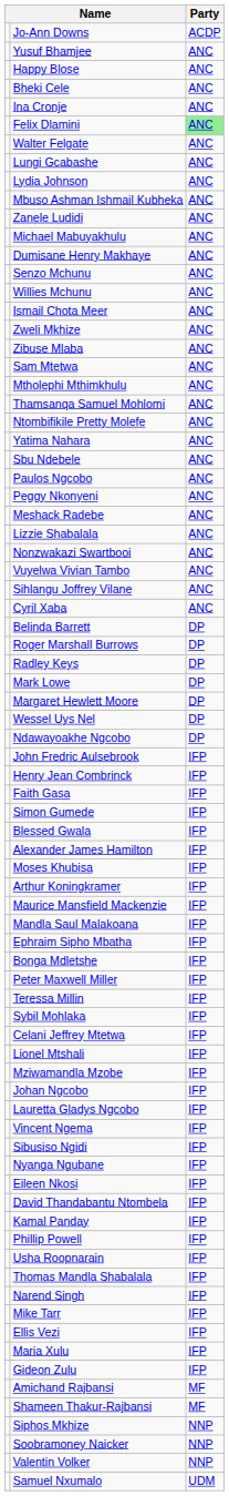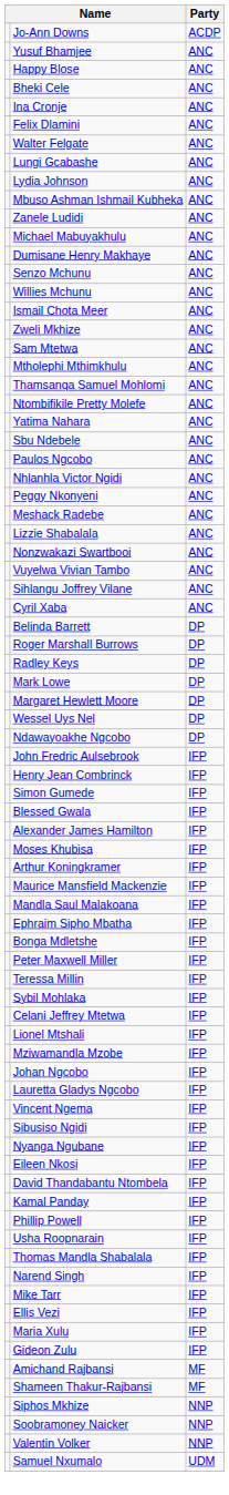 <table class="wikitable sortable plainrowheaders">
 <tr>
 <th colspan="2" scope="col">Name</th>
 <th scope="col">Party</th>
 </tr>
 <tr>
 <td style="background-color: "></td>
 <td><a href='#'>Jo-Ann Downs</a></td>
 <td><a href='#'>ACDP</a></td>
 </tr>
 <tr>
 <td style="background-color: "></td>
 <td><a href='#'>Yusuf Bhamjee</a></td>
 <td><a href='#'>ANC</a></td>
 </tr>
 <tr>
 <td style="background-color: "></td>
 <td><a href='#'>Happy Blose</a></td>
 <td><a href='#'>ANC</a></td>
 </tr>
 <tr>
 <td style="background-color: "></td>
 <td><a href='#'>Bheki Cele</a></td>
 <td><a href='#'>ANC</a></td>
 </tr>
 <tr>
 <td style="background-color: "></td>
 <td><a href='#'>Ina Cronje</a></td>
 <td><a href='#'>ANC</a></td>
 </tr>
 <tr>
 <td style="background-color: "></td>
 <td><a href='#'>Felix Dlamini</a></td>
-<td style="background: lightgreen;"><a href='#'>ANC</a></td>
+<td><a href='#'>ANC</a></td>
 </tr>
 <tr>
 <td style="background-color: "></td>
 <td><a href='#'>Walter Felgate</a></td>
 <td><a href='#'>ANC</a></td>
 </tr>
 <tr>
 <td style="background-color: "></td>
 <td><a href='#'>Lungi Gcabashe</a></td>
 <td><a href='#'>ANC</a></td>
 </tr>
 <tr>
 <td style="background-color: "></td>
 <td><a href='#'>Lydia Johnson</a></td>
 <td><a href='#'>ANC</a></td>
 </tr>
 <tr>
 <td style="background-color: "></td>
 <td><a href='#'>Mbuso Ashman Ishmail Kubheka</a></td>
 <td><a href='#'>ANC</a></td>
 </tr>
 <tr>
 <td style="background-color: "></td>
 <td><a href='#'>Zanele Ludidi</a></td>
 <td><a href='#'>ANC</a></td>
 </tr>
 <tr>
 <td style="background-color: "></td>
 <td><a href='#'>Michael Mabuyakhulu</a></td>
 <td><a href='#'>ANC</a></td>
 </tr>
 <tr>
 <td style="background-color: "></td>
 <td><a href='#'>Dumisane Henry Makhaye</a></td>
 <td><a href='#'>ANC</a></td>
 </tr>
 <tr>
 <td style="background-color: "></td>
 <td><a href='#'>Senzo Mchunu</a></td>
 <td><a href='#'>ANC</a></td>
 </tr>
 <tr>
 <td style="background-color: "></td>
 <td><a href='#'>Willies Mchunu</a></td>
 <td><a href='#'>ANC</a></td>
 </tr>
 <tr>
 <td style="background-color: "></td>
 <td><a href='#'>Ismail Chota Meer</a></td>
 <td><a href='#'>ANC</a></td>
 </tr>
 <tr>
 <td style="background-color: "></td>
 <td><a href='#'>Zweli Mkhize</a></td>
 <td><a href='#'>ANC</a></td>
 </tr>
 <tr>
 <td style="background-color: "></td>
-<td><a href='#'>Zibuse Mlaba</a></td>
-<td><a href='#'>ANC</a></td>
-</tr>
-<tr>
-<td style="background-color: "></td>
 <td><a href='#'>Sam Mtetwa</a></td>
 <td><a href='#'>ANC</a></td>
 </tr>
 <tr>
 <td style="background-color: "></td>
 <td><a href='#'>Mtholephi Mthimkhulu</a></td>
 <td><a href='#'>ANC</a></td>
 </tr>
 <tr>
 <td style="background-color: "></td>
 <td><a href='#'>Thamsanqa Samuel Mohlomi</a></td>
 <td><a href='#'>ANC</a></td>
 </tr>
 <tr>
 <td style="background-color: "></td>
 <td><a href='#'>Ntombifikile Pretty Molefe</a></td>
 <td><a href='#'>ANC</a></td>
 </tr>
 <tr>
 <td style="background-color: "></td>
 <td><a href='#'>Yatima Nahara</a></td>
 <td><a href='#'>ANC</a></td>
 </tr>
 <tr>
 <td style="background-color: "></td>
 <td><a href='#'>Sbu Ndebele</a></td>
 <td><a href='#'>ANC</a></td>
 </tr>
 <tr>
 <td style="background-color: "></td>
 <td><a href='#'>Paulos Ngcobo</a></td>
+<td><a href='#'>ANC</a></td>
+</tr>
+<tr>
+<td style="background-color: "></td>
+<td><a href='#'>Nhlanhla Victor Ngidi</a></td>
 <td><a href='#'>ANC</a></td>
 </tr>
 <tr>
 <td style="background-color: "></td>
 <td><a href='#'>Peggy Nkonyeni</a></td>
 <td><a href='#'>ANC</a></td>
 </tr>
 <tr>
 <td style="background-color: "></td>
 <td><a href='#'>Meshack Radebe</a></td>
 <td><a href='#'>ANC</a></td>
 </tr>
 <tr>
 <td style="background-color: "></td>
 <td><a href='#'>Lizzie Shabalala</a></td>
 <td><a href='#'>ANC</a></td>
 </tr>
 <tr>
 <td style="background-color: "></td>
 <td><a href='#'>Nonzwakazi Swartbooi</a></td>
 <td><a href='#'>ANC</a></td>
 </tr>
 <tr>
 <td style="background-color: "></td>
 <td><a href='#'>Vuyelwa Vivian Tambo</a></td>
 <td><a href='#'>ANC</a></td>
 </tr>
 <tr>
 <td style="background-color: "></td>
 <td><a href='#'>Sihlangu Joffrey Vilane</a></td>
 <td><a href='#'>ANC</a></td>
 </tr>
 <tr>
 <td style="background-color: "></td>
 <td><a href='#'>Cyril Xaba</a></td>
 <td><a href='#'>ANC</a></td>
 </tr>
 <tr>
 <td></td>
 <td><a href='#'>Belinda Barrett</a></td>
 <td><a href='#'>DP</a></td>
 </tr>
 <tr>
 <td></td>
 <td><a href='#'>Roger Marshall Burrows</a></td>
 <td><a href='#'>DP</a></td>
 </tr>
 <tr>
 <td></td>
 <td><a href='#'>Radley Keys</a></td>
 <td><a href='#'>DP</a></td>
 </tr>
 <tr>
 <td></td>
 <td><a href='#'>Mark Lowe</a></td>
 <td><a href='#'>DP</a></td>
 </tr>
 <tr>
 <td></td>
 <td><a href='#'>Margaret Hewlett Moore</a></td>
 <td><a href='#'>DP</a></td>
 </tr>
 <tr>
 <td></td>
 <td><a href='#'>Wessel Uys Nel</a></td>
 <td><a href='#'>DP</a></td>
 </tr>
 <tr>
 <td></td>
 <td><a href='#'>Ndawayoakhe Ngcobo</a></td>
 <td><a href='#'>DP</a></td>
 </tr>
 <tr>
 <td style="background-color: "></td>
 <td><a href='#'>John Fredric Aulsebrook</a></td>
 <td><a href='#'>IFP</a></td>
 </tr>
 <tr>
 <td style="background-color: "></td>
 <td><a href='#'>Henry Jean Combrinck</a></td>
-<td><a href='#'>IFP</a></td>
-</tr>
-<tr>
-<td style="background-color: "></td>
-<td><a href='#'>Faith Gasa</a></td>
 <td><a href='#'>IFP</a></td>
 </tr>
 <tr>
 <td style="background-color: "></td>
 <td><a href='#'>Simon Gumede</a></td>
 <td><a href='#'>IFP</a></td>
 </tr>
 <tr>
 <td style="background-color: "></td>
 <td><a href='#'>Blessed Gwala</a></td>
 <td><a href='#'>IFP</a></td>
 </tr>
 <tr>
 <td style="background-color: "></td>
 <td><a href='#'>Alexander James Hamilton</a></td>
 <td><a href='#'>IFP</a></td>
 </tr>
 <tr>
 <td style="background-color: "></td>
 <td><a href='#'>Moses Khubisa</a></td>
 <td><a href='#'>IFP</a></td>
 </tr>
 <tr>
 <td style="background-color: "></td>
 <td><a href='#'>Arthur Koningkramer</a></td>
 <td><a href='#'>IFP</a></td>
 </tr>
 <tr>
 <td style="background-color: "></td>
 <td><a href='#'>Maurice Mansfield Mackenzie</a></td>
 <td><a href='#'>IFP</a></td>
 </tr>
 <tr>
 <td style="background-color: "></td>
 <td><a href='#'>Mandla Saul Malakoana</a></td>
 <td><a href='#'>IFP</a></td>
 </tr>
 <tr>
 <td style="background-color: "></td>
 <td><a href='#'>Ephraim Sipho Mbatha</a></td>
 <td><a href='#'>IFP</a></td>
 </tr>
 <tr>
 <td style="background-color: "></td>
 <td><a href='#'>Bonga Mdletshe</a></td>
 <td><a href='#'>IFP</a></td>
 </tr>
 <tr>
 <td style="background-color: "></td>
 <td><a href='#'>Peter Maxwell Miller</a></td>
 <td><a href='#'>IFP</a></td>
 </tr>
 <tr>
 <td style="background-color: "></td>
 <td><a href='#'>Teressa Millin</a></td>
 <td><a href='#'>IFP</a></td>
 </tr>
 <tr>
 <td style="background-color: "></td>
 <td><a href='#'>Sybil Mohlaka</a></td>
 <td><a href='#'>IFP</a></td>
 </tr>
 <tr>
 <td style="background-color: "></td>
 <td><a href='#'>Celani Jeffrey Mtetwa</a></td>
 <td><a href='#'>IFP</a></td>
 </tr>
 <tr>
 <td style="background-color: "></td>
 <td><a href='#'>Lionel Mtshali</a></td>
 <td><a href='#'>IFP</a></td>
 </tr>
 <tr>
 <td style="background-color: "></td>
 <td><a href='#'>Mziwamandla Mzobe</a></td>
 <td><a href='#'>IFP</a></td>
 </tr>
 <tr>
 <td style="background-color: "></td>
 <td><a href='#'>Johan Ngcobo</a></td>
 <td><a href='#'>IFP</a></td>
 </tr>
 <tr>
 <td style="background-color: "></td>
 <td><a href='#'>Lauretta Gladys Ngcobo</a></td>
 <td><a href='#'>IFP</a></td>
 </tr>
 <tr>
 <td style="background-color: "></td>
 <td><a href='#'>Vincent Ngema</a></td>
 <td><a href='#'>IFP</a></td>
 </tr>
 <tr>
 <td style="background-color: "></td>
 <td><a href='#'>Sibusiso Ngidi</a></td>
 <td><a href='#'>IFP</a></td>
 </tr>
 <tr>
 <td style="background-color: "></td>
 <td><a href='#'>Nyanga Ngubane</a></td>
 <td><a href='#'>IFP</a></td>
 </tr>
 <tr>
 <td style="background-color: "></td>
 <td><a href='#'>Eileen Nkosi</a></td>
 <td><a href='#'>IFP</a></td>
 </tr>
 <tr>
 <td style="background-color: "></td>
 <td><a href='#'>David Thandabantu Ntombela</a></td>
 <td><a href='#'>IFP</a></td>
 </tr>
 <tr>
 <td style="background-color: "></td>
 <td><a href='#'>Kamal Panday</a></td>
 <td><a href='#'>IFP</a></td>
 </tr>
 <tr>
 <td style="background-color: "></td>
 <td><a href='#'>Phillip Powell</a></td>
 <td><a href='#'>IFP</a></td>
 </tr>
 <tr>
 <td style="background-color: "></td>
 <td><a href='#'>Usha Roopnarain</a></td>
 <td><a href='#'>IFP</a></td>
 </tr>
 <tr>
 <td style="background-color: "></td>
 <td><a href='#'>Thomas Mandla Shabalala</a></td>
 <td><a href='#'>IFP</a></td>
 </tr>
 <tr>
 <td style="background-color: "></td>
 <td><a href='#'>Narend Singh</a></td>
 <td><a href='#'>IFP</a></td>
 </tr>
 <tr>
 <td style="background-color: "></td>
 <td><a href='#'>Mike Tarr</a></td>
 <td><a href='#'>IFP</a></td>
 </tr>
 <tr>
 <td style="background-color: "></td>
 <td><a href='#'>Ellis Vezi</a></td>
 <td><a href='#'>IFP</a></td>
 </tr>
 <tr>
 <td style="background-color: "></td>
 <td><a href='#'>Maria Xulu</a></td>
 <td><a href='#'>IFP</a></td>
 </tr>
 <tr>
 <td style="background-color: "></td>
 <td><a href='#'>Gideon Zulu</a></td>
 <td><a href='#'>IFP</a></td>
 </tr>
 <tr>
 <td style="background-color: "></td>
 <td><a href='#'>Amichand Rajbansi</a></td>
 <td><a href='#'>MF</a></td>
 </tr>
 <tr>
 <td style="background-color: "></td>
 <td><a href='#'>Shameen Thakur-Rajbansi</a></td>
 <td><a href='#'>MF</a></td>
 </tr>
 <tr>
 <td></td>
 <td><a href='#'>Siphos Mkhize</a></td>
 <td><a href='#'>NNP</a></td>
 </tr>
 <tr>
 <td></td>
 <td><a href='#'>Soobramoney Naicker</a></td>
 <td><a href='#'>NNP</a></td>
 </tr>
 <tr>
 <td></td>
 <td><a href='#'>Valentin Volker</a></td>
 <td><a href='#'>NNP</a></td>
 </tr>
 <tr>
 <td></td>
 <td><a href='#'>Samuel Nxumalo</a></td>
 <td><a href='#'>UDM</a></td>
 </tr>
 </table>
